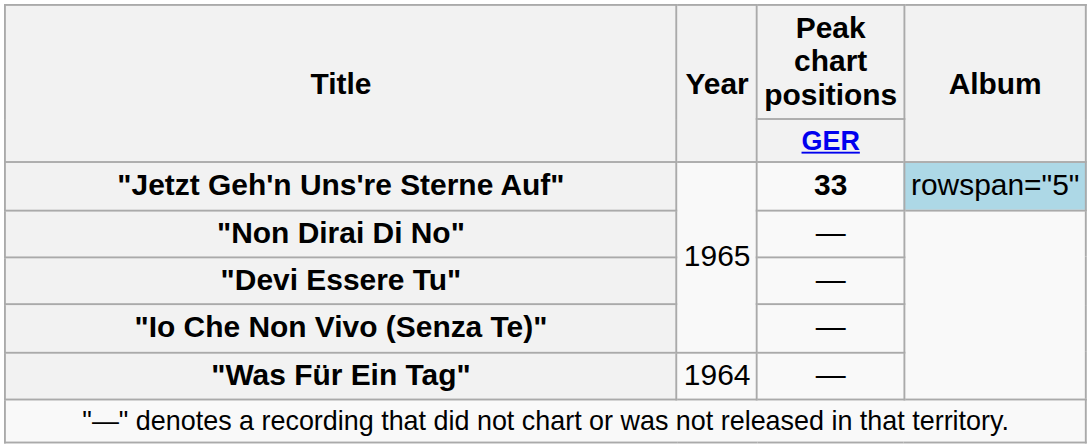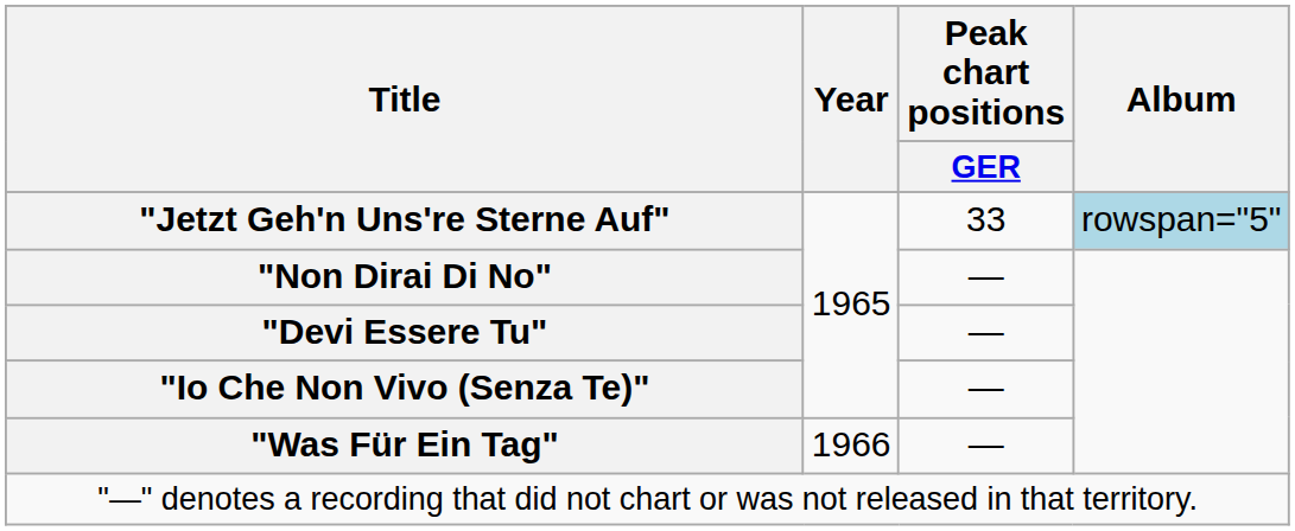 <table class="wikitable plainrowheaders" style="text-align:center;" border="1">
 <tr>
 <th scope="col" rowspan="2" style="width:22em;">Title</th>
 <th scope="col" rowspan="2">Year</th>
 <th scope="col" colspan="1">Peak<br>chart<br>positions</th>
 <th scope="col" rowspan="2">Album</th>
 </tr>
 <tr>
 <th scope="col" style="width:3em;font-size:90%;"><a href='#'>GER</a><br></th>
 </tr>
 <tr>
 <th scope="row">"Jetzt Geh'n Uns're Sterne Auf"</th>
 <td rowspan="4">1965</td>
-<td><strong>33</strong></td>
+<td>33</td>
 <td style="background: lightblue;">rowspan="5" </td>
 </tr>
 <tr>
 <th scope="row">"Non Dirai Di No"</th>
 <td>—</td>
 </tr>
 <tr>
 <th scope="row">"Devi Essere Tu"</th>
 <td>—</td>
 </tr>
 <tr>
 <th scope="row">"Io Che Non Vivo (Senza Te)"</th>
 <td>—</td>
 </tr>
 <tr>
 <th scope="row">"Was Für Ein Tag"</th>
-<td>1964</td>
+<td>1966</td>
 <td>—</td>
 </tr>
 <tr>
 <td colspan="4" style="font-size:90%">"—" denotes a recording that did not chart or was not released in that territory.</td>
 </tr>
 </table>
